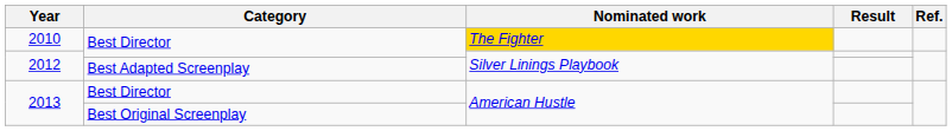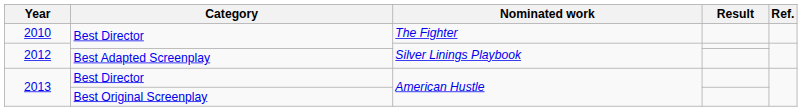 <table class=wikitable>
 <tr>
 <th scope="col" style="width:5em;">Year</th>
 <th scope="col" style="width:26em;">Category</th>
 <th scope="col" style="width:25em;">Nominated work</th>
 <th scope="col" style="width:5em;">Result</th>
 <th>Ref.</th>
 </tr>
 <tr>
 <td style="text-align:center;"><a href='#'>2010</a></td>
 <td rowspan="2"><a href='#'>Best Director</a></td>
-<td style="background: gold;"><em><a href='#'>The Fighter</a></em></td>
+<td><em><a href='#'>The Fighter</a></em></td>
 <td></td>
 <td></td>
 </tr>
 <tr>
 <td style="text-align:center;", rowspan="2"><a href='#'>2012</a></td>
 <td rowspan="2"><em><a href='#'>Silver Linings Playbook</a></em></td>
 <td></td>
 <td rowspan=2></td>
 </tr>
 <tr>
 <td><a href='#'>Best Adapted Screenplay</a></td>
 <td></td>
 </tr>
 <tr>
 <td style="text-align:center;", rowspan="2"><a href='#'>2013</a></td>
 <td><a href='#'>Best Director</a></td>
 <td rowspan="2"><em><a href='#'>American Hustle</a></em></td>
 <td></td>
 <td rowspan=2></td>
 </tr>
 <tr>
 <td><a href='#'>Best Original Screenplay</a></td>
 <td></td>
 </tr>
 </table>
